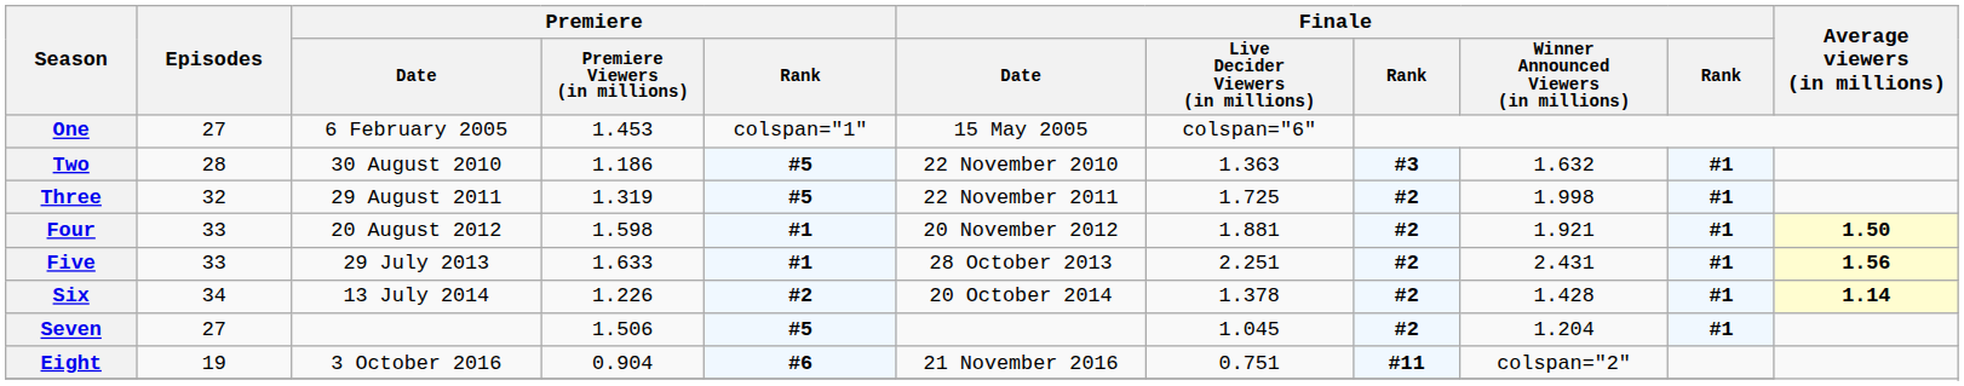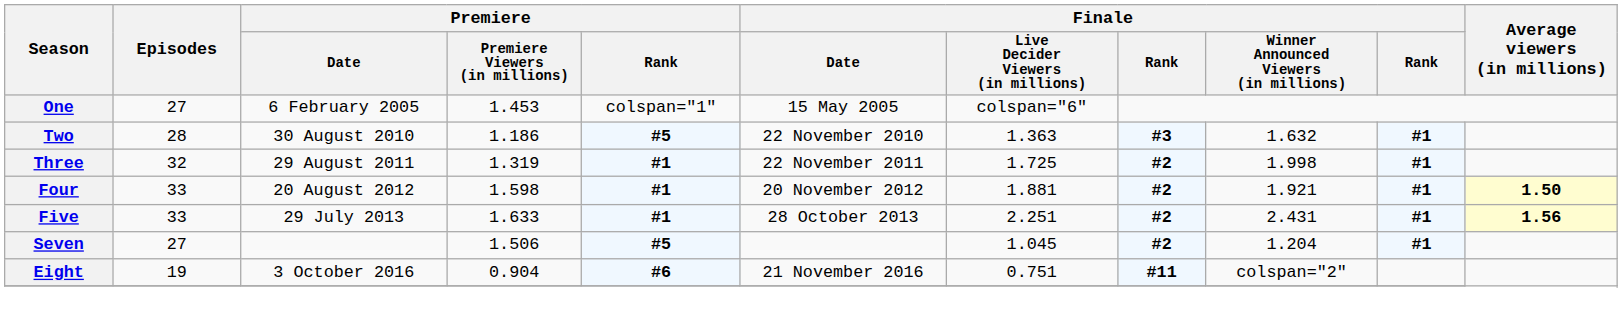 <table class="wikitable" style="text-align:center;">
 <tr>
 <th rowspan="2" style="width:3%;">Season</th>
 <th rowspan="2" style="width:3%;">Episodes</th>
 <th colspan="3">Premiere</th>
 <th colspan="5">Finale</th>
 <th rowspan="2" style="width:4%;">Average<br>viewers<br>(in millions)</th>
 </tr>
 <tr>
 <th style="width:7%; font-size:smaller; line-height:100%;" span>Date</th>
 <th style="width:4%; font-size:smaller; line-height:100%;" span>Premiere<br>Viewers<br>(in millions)</th>
 <th style="width:3%; font-size:smaller; line-height:100%;" span>Rank</th>
 <th style="width:7%; font-size:smaller; line-height:100%;" span>Date</th>
 <th style="width:4%; font-size:smaller; line-height:100%;" span>Live<br>Decider<br>Viewers<br>(in millions)</th>
 <th style="width:3%; font-size:smaller; line-height:100%;" span>Rank</th>
 <th style="width:4%; font-size:smaller; line-height:100%;" span>Winner<br>Announced<br>Viewers<br>(in millions)</th>
 <th style="width:3%; font-size:smaller; line-height:100%;" span>Rank</th>
 </tr>
 <tr>
 <th><a href='#'>One</a></th>
 <td>27</td>
 <td>6 February 2005</td>
 <td>1.453</td>
 <td>colspan="1" </td>
 <td>15 May 2005</td>
 <td>colspan="6" </td>
 </tr>
 <tr>
 <th><a href='#'>Two</a></th>
 <td>28</td>
 <td>30 August 2010</td>
 <td>1.186</td>
 <td style="background:#F0F8FF"><strong>#5</strong></td>
 <td>22 November 2010</td>
 <td>1.363</td>
 <td style="background:#F0F8FF"><strong>#3</strong></td>
 <td>1.632</td>
 <td style="background:#F0F8FF"><strong>#1</strong></td>
 <td></td>
 </tr>
 <tr>
 <th><a href='#'>Three</a></th>
 <td>32</td>
 <td>29 August 2011</td>
 <td>1.319</td>
-<td style="background:#F0F8FF"><strong>#5</strong></td>
+<td style="background:#F0F8FF"><strong>#1</strong></td>
 <td>22 November 2011</td>
 <td>1.725</td>
 <td style="background:#F0F8FF"><strong>#2</strong></td>
 <td>1.998</td>
 <td style="background:#F0F8FF"><strong>#1</strong></td>
 <td></td>
 </tr>
 <tr>
 <th><a href='#'>Four</a></th>
 <td>33</td>
 <td>20 August 2012</td>
 <td>1.598</td>
 <td style="background:#F0F8FF"><strong>#1</strong></td>
 <td>20 November 2012</td>
 <td>1.881</td>
 <td style="background:#F0F8FF"><strong>#2</strong></td>
 <td>1.921</td>
 <td style="background:#F0F8FF"><strong>#1</strong></td>
 <td style="background:#FFFDD0"><strong>1.50</strong></td>
 </tr>
 <tr>
 <th><a href='#'>Five</a></th>
 <td>33</td>
 <td>29 July 2013</td>
 <td>1.633</td>
 <td style="background:#F0F8FF"><strong>#1</strong></td>
 <td>28 October 2013</td>
 <td>2.251</td>
 <td style="background:#F0F8FF"><strong>#2</strong></td>
 <td>2.431</td>
 <td style="background:#F0F8FF"><strong>#1</strong></td>
 <td style="background:#FFFDD0"><strong>1.56</strong></td>
 </tr>
 <tr>
-<th><a href='#'>Six</a></th>
-<td>34</td>
-<td>13 July 2014</td>
-<td>1.226</td>
-<td style="background:#F0F8FF"><strong>#2</strong></td>
-<td>20 October 2014</td>
-<td>1.378</td>
-<td style="background:#F0F8FF"><strong>#2</strong></td>
-<td>1.428</td>
-<td style="background:#F0F8FF"><strong>#1</strong></td>
-<td style="background:#FFFDD0"><strong>1.14</strong></td>
-</tr>
-<tr>
 <th><a href='#'>Seven</a></th>
 <td>27</td>
 <td></td>
 <td>1.506</td>
 <td style="background:#F0F8FF"><strong>#5</strong></td>
 <td></td>
 <td>1.045</td>
 <td style="background:#F0F8FF"><strong>#2</strong></td>
 <td>1.204</td>
 <td style="background:#F0F8FF"><strong>#1</strong></td>
 <td></td>
 </tr>
 <tr>
 <th><a href='#'>Eight</a></th>
 <td>19</td>
 <td>3 October 2016</td>
 <td>0.904</td>
 <td style="background:#F0F8FF"><strong>#6</strong></td>
 <td>21 November 2016</td>
 <td>0.751</td>
 <td style="background:#F0F8FF"><strong>#11</strong></td>
 <td>colspan="2" </td>
 <td></td>
 </tr>
 <tr>
 </tr>
 </table>
